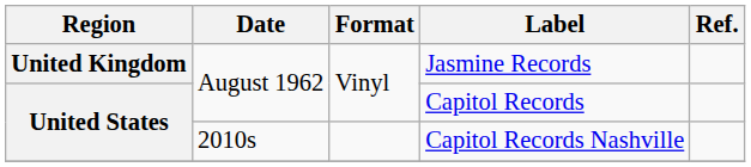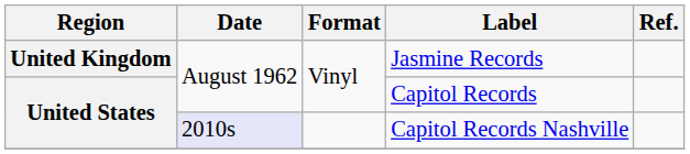 <table class="wikitable plainrowheaders">
 <tr>
 <th scope="col">Region</th>
 <th scope="col">Date</th>
 <th scope="col">Format</th>
 <th scope="col">Label</th>
 <th scope="col">Ref.</th>
 </tr>
 <tr>
 <th scope="row">United Kingdom</th>
 <td rowspan="2">August 1962</td>
 <td rowspan="2">Vinyl</td>
 <td><a href='#'>Jasmine Records</a></td>
 <td></td>
 </tr>
 <tr>
 <th scope="row" rowspan="2">United States</th>
 <td><a href='#'>Capitol Records</a></td>
 <td></td>
 </tr>
 <tr>
-<td>2010s</td>
+<td style="background: lavender;">2010s</td>
 <td></td>
 <td><a href='#'>Capitol Records Nashville</a></td>
 <td></td>
 </tr>
 <tr>
 </tr>
 </table>
